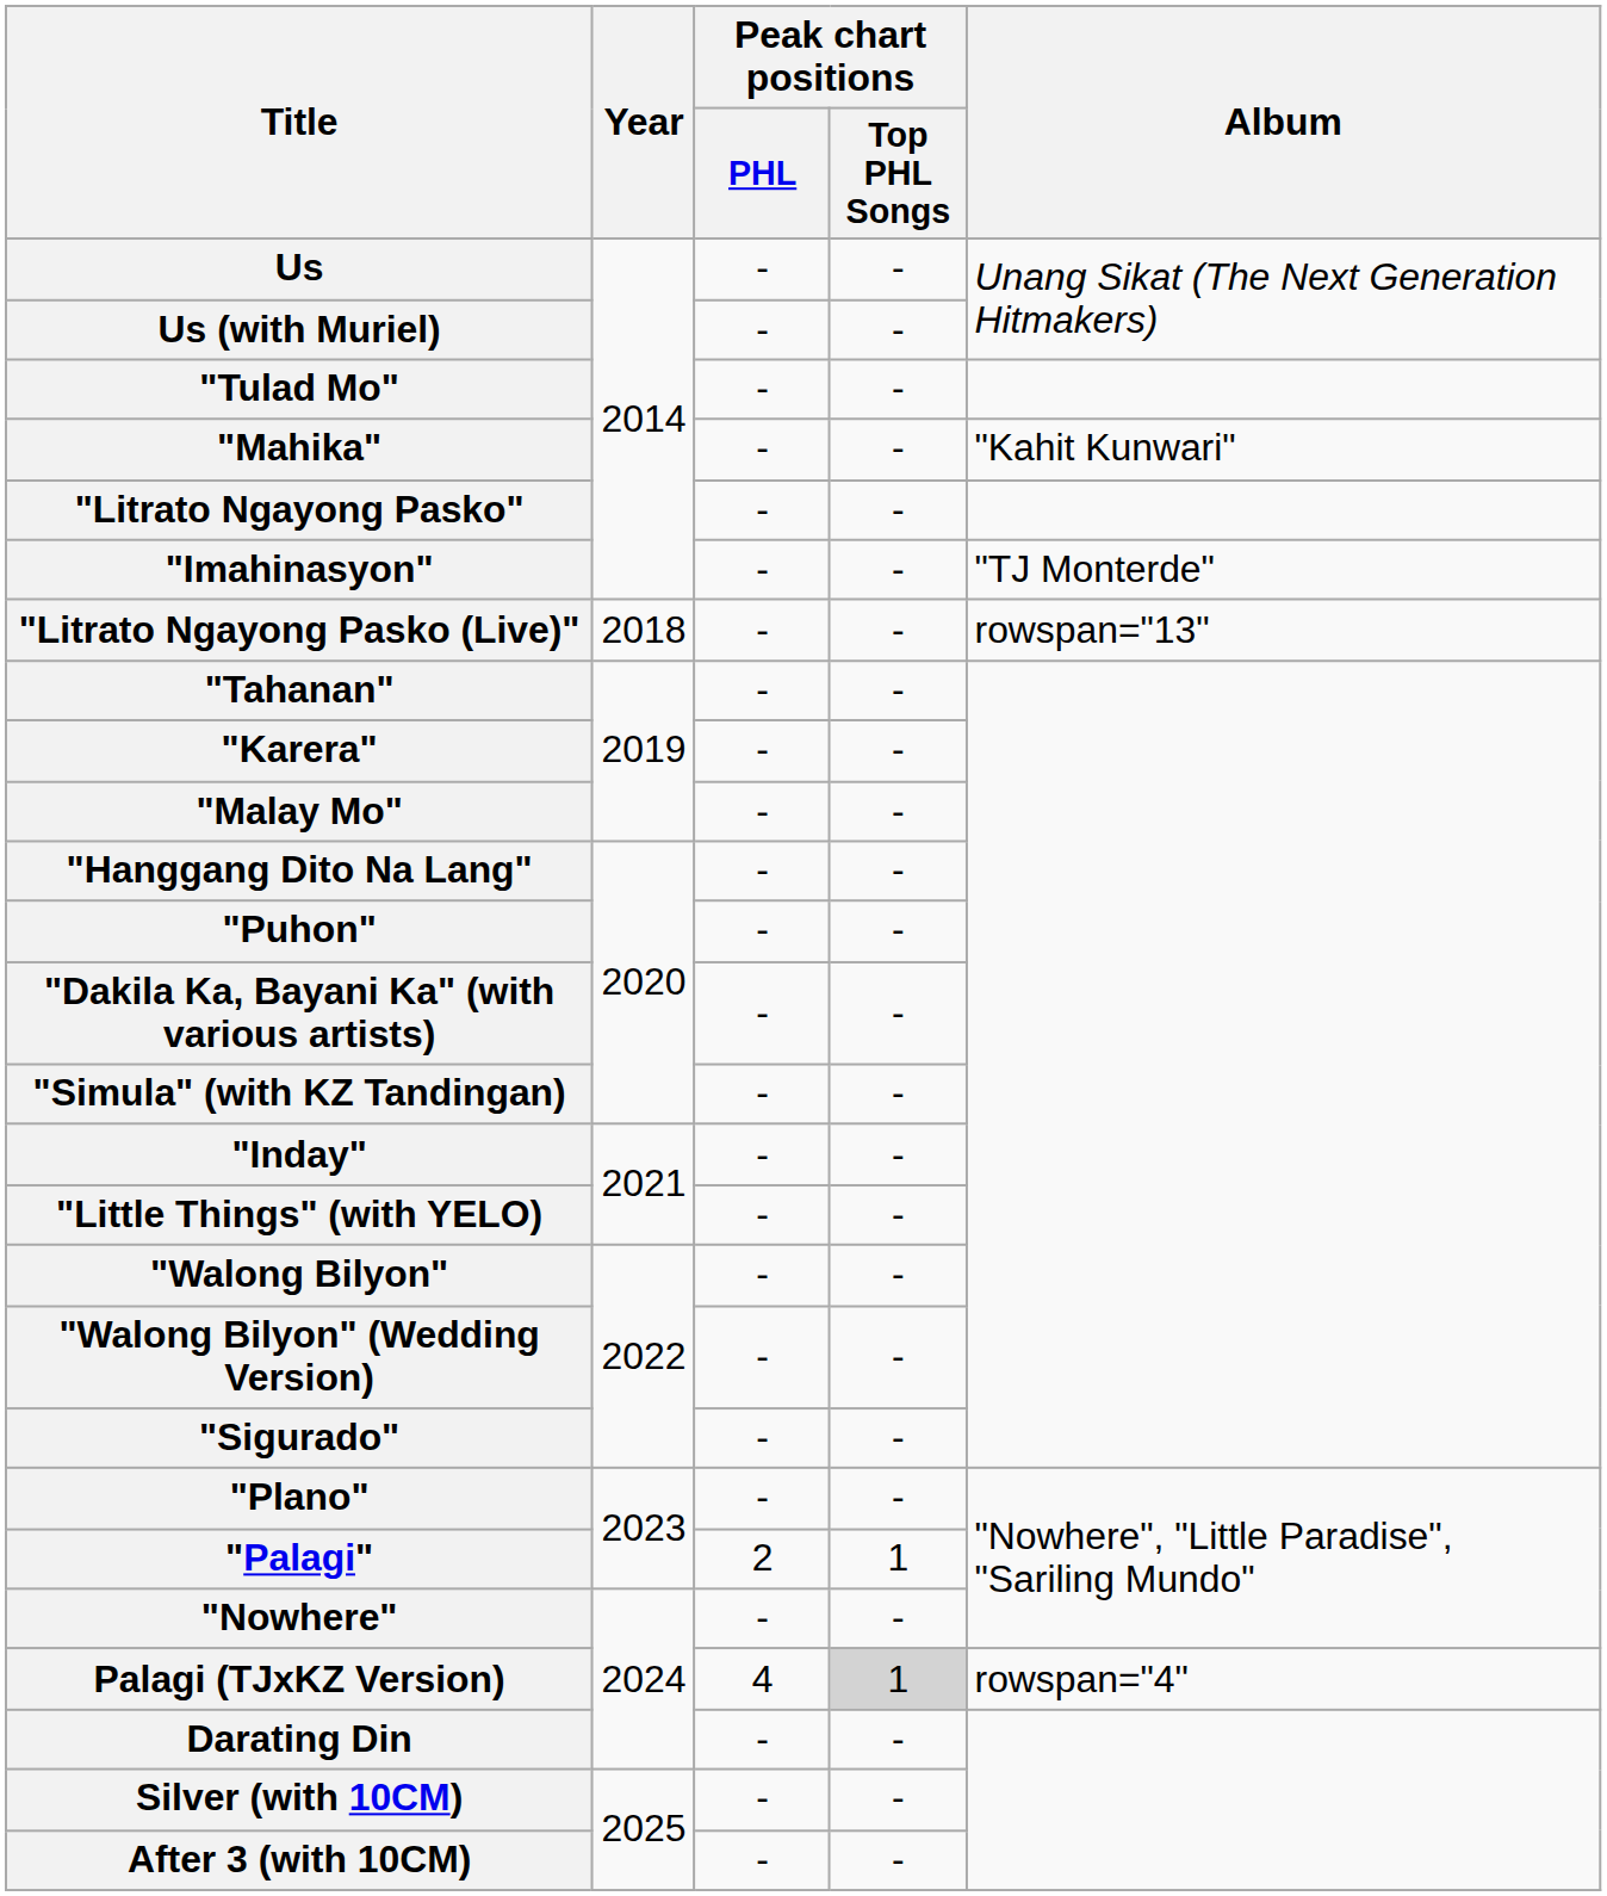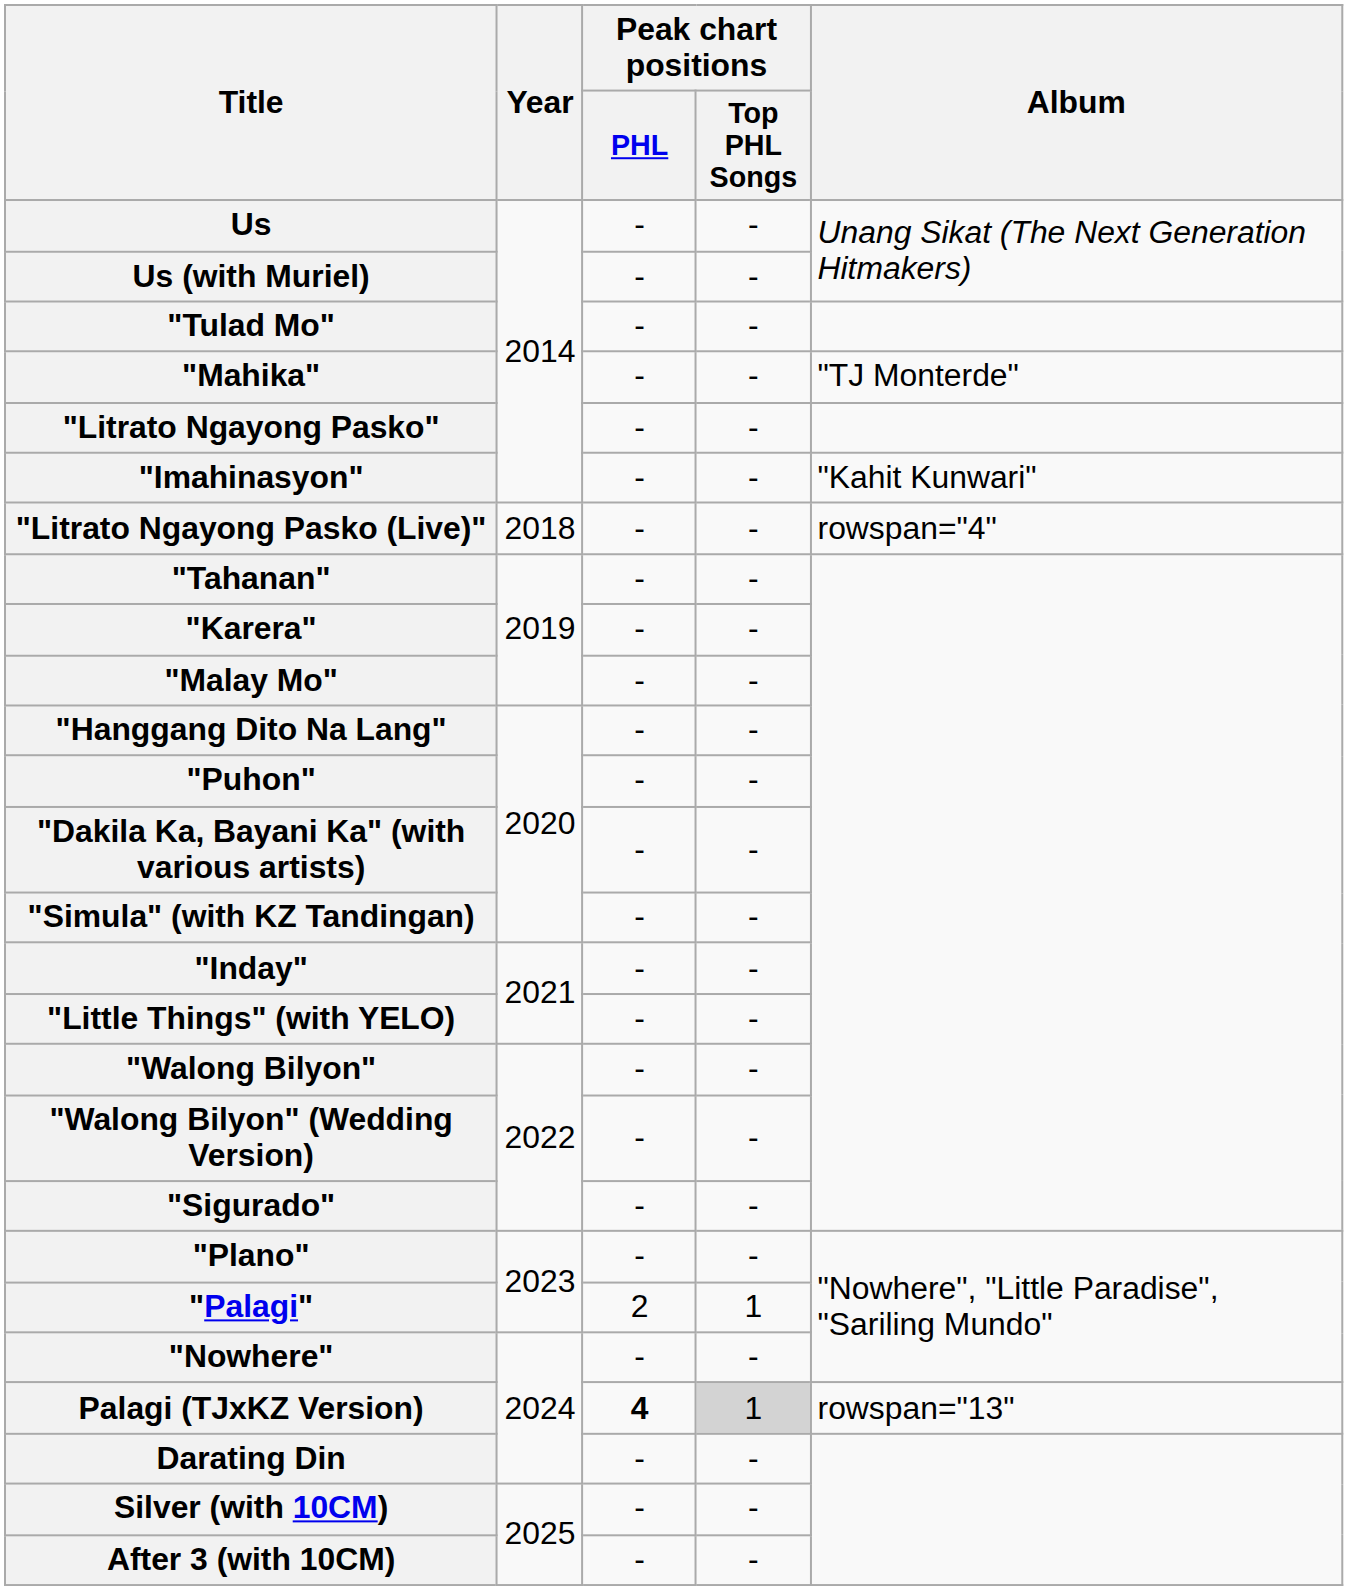 <table class="wikitable plainrowheaders">
 <tr>
 <th scope="col" rowspan="2" width="240">Title</th>
 <th scope="col" rowspan="2">Year</th>
 <th scope="col" colspan="2" style="width:2em;">Peak chart positions</th>
 <th scope="col" rowspan="2" width="260">Album</th>
 </tr>
 <tr>
 <th scope="col" style="font-size:90%; width:3.5em"><a href='#'>PHL</a><br></th>
 <th scope="col" style="font-size:90%; width:3.5em">Top PHL Songs<br></th>
 </tr>
 <tr>
 <th scope="row">Us</th>
 <td rowspan="6">2014</td>
 <td align="center">-</td>
 <td align="center">-</td>
 <td rowspan="2"><em>Unang Sikat (The Next Generation Hitmakers)</em></td>
 </tr>
 <tr>
 <th scope="row">Us (with Muriel)</th>
 <td align="center">-</td>
 <td align="center">-</td>
 </tr>
 <tr>
 <th scope="row">"Tulad Mo"</th>
 <td align="center">-</td>
 <td align="center">-</td>
 <td></td>
 </tr>
 <tr>
 <th scope="row">"Mahika"</th>
 <td align="center">-</td>
 <td align="center">-</td>
-<td>"Kahit Kunwari"</td>
+<td>"TJ Monterde"</td>
 </tr>
 <tr>
 <th scope="row">"Litrato Ngayong Pasko"</th>
 <td align="center">-</td>
 <td align="center">-</td>
 <td></td>
 </tr>
 <tr>
 <th scope="row">"Imahinasyon"</th>
 <td align="center">-</td>
 <td align="center">-</td>
-<td>"TJ Monterde"</td>
+<td>"Kahit Kunwari"</td>
 </tr>
 <tr>
 <th scope="row">"Litrato Ngayong Pasko (Live)"</th>
 <td rowspan="1">2018</td>
 <td align="center">-</td>
 <td align="center">-</td>
-<td>rowspan="13"</td>
+<td>rowspan="4"</td>
 </tr>
 <tr>
 <th scope="row">"Tahanan"</th>
 <td rowspan="3">2019</td>
 <td align="center">-</td>
 <td align="center">-</td>
 </tr>
 <tr>
 <th scope="row">"Karera"</th>
 <td align="center">-</td>
 <td align="center">-</td>
 </tr>
 <tr>
 <th scope="row">"Malay Mo"</th>
 <td align="center">-</td>
 <td align="center">-</td>
 </tr>
 <tr>
 <th scope="row">"Hanggang Dito Na Lang"</th>
 <td rowspan="4">2020</td>
 <td align="center">-</td>
 <td align="center">-</td>
 </tr>
 <tr>
 <th scope="row">"Puhon"</th>
 <td align="center">-</td>
 <td align="center">-</td>
 </tr>
 <tr>
 <th scope="row">"Dakila Ka, Bayani Ka" (with various artists)</th>
 <td align="center">-</td>
 <td align="center">-</td>
 </tr>
 <tr>
 <th scope="row">"Simula" (with KZ Tandingan)</th>
 <td align="center">-</td>
 <td align="center">-</td>
 </tr>
 <tr>
 <th scope="row">"Inday"</th>
 <td rowspan="2">2021</td>
 <td align="center">-</td>
 <td align="center">-</td>
 </tr>
 <tr>
 <th scope="row">"Little Things" (with YELO)</th>
 <td align="center">-</td>
 <td align="center">-</td>
 </tr>
 <tr>
 <th scope="row">"Walong Bilyon"</th>
 <td rowspan="3">2022</td>
 <td align="center">-</td>
 <td align="center">-</td>
 </tr>
 <tr>
 <th scope="row">"Walong Bilyon" (Wedding Version)</th>
 <td align="center">-</td>
 <td align="center">-</td>
 </tr>
 <tr>
 <th scope="row">"Sigurado"</th>
 <td align="center">-</td>
 <td align="center">-</td>
 </tr>
 <tr>
 <th scope="row">"Plano"</th>
 <td rowspan="2">2023</td>
 <td align="center">-</td>
 <td align="center">-</td>
 <td rowspan="3">"Nowhere", "Little Paradise", "Sariling Mundo"</td>
 </tr>
 <tr>
 <th scope="row">"<a href='#'>Palagi</a>"</th>
 <td align="center">2</td>
 <td align="center">1</td>
 </tr>
 <tr>
 <th scope="row">"Nowhere"</th>
 <td rowspan="3">2024</td>
 <td align="center">-</td>
 <td align="center">-</td>
 </tr>
 <tr>
 <th scope="row">Palagi (TJxKZ Version)</th>
-<td align="center">4</td>
+<td align="center"><strong>4</strong></td>
 <td align="center" style="background: lightgrey;">1</td>
-<td>rowspan="4"</td>
+<td>rowspan="13"</td>
 </tr>
 <tr>
 <th scope="row">Darating Din</th>
 <td align="center">-</td>
 <td align="center">-</td>
 </tr>
 <tr>
 <th scope="row">Silver (with <a href='#'>10CM</a>)</th>
 <td rowspan="2">2025</td>
 <td align="center">-</td>
 <td align="center">-</td>
 </tr>
 <tr>
 <th scope="row">After 3 (with 10CM)</th>
 <td align="center">-</td>
 <td align="center">-</td>
 </tr>
 </table>
